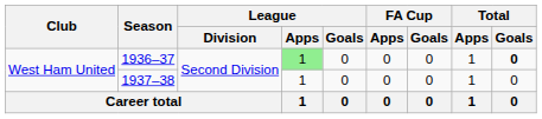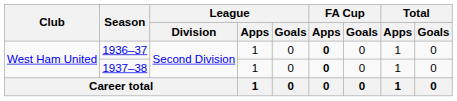 <table class="wikitable" style="text-align: center;">
 <tr>
 <th rowspan="2">Club</th>
 <th rowspan="2">Season</th>
 <th colspan="3">League</th>
 <th colspan="2">FA Cup</th>
 <th colspan="2">Total</th>
 </tr>
 <tr>
 <th>Division</th>
 <th>Apps</th>
 <th>Goals</th>
 <th>Apps</th>
 <th>Goals</th>
 <th>Apps</th>
 <th>Goals</th>
 </tr>
 <tr>
 <td rowspan="2"><a href='#'>West Ham United</a></td>
 <td><a href='#'>1936–37</a></td>
 <td rowspan="2"><a href='#'>Second Division</a></td>
-<td style="background: lightgreen;">1</td>
+<td>1</td>
 <td>0</td>
-<td>0</td>
+<td><strong>0</strong></td>
 <td>0</td>
 <td>1</td>
-<td><strong>0</strong></td>
+<td>0</td>
 </tr>
 <tr>
 <td><a href='#'>1937–38</a></td>
 <td>1</td>
 <td>0</td>
-<td>0</td>
+<td><strong>0</strong></td>
 <td>0</td>
 <td>1</td>
 <td>0</td>
 </tr>
 <tr>
 <th colspan="3">Career total</th>
 <th>1</th>
 <th>0</th>
 <th>0</th>
 <th>0</th>
 <th>1</th>
 <th>0</th>
 </tr>
 </table>
